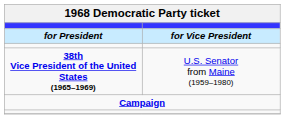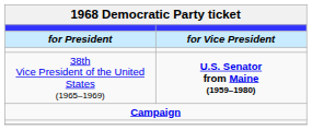 <table class="wikitable" style="font-size:90%; text-align:center;">
 <tr>
 <td style="background:#f1f1f1;" colspan="30"><big> <strong>1968 Democratic Party ticket</strong></big></td>
 </tr>
 <tr>
 <th style="width:3em; font-size:135%; background:#3333FF; width:200px;"><a href='#'></a></th>
 <th style="width:3em; font-size:135%; background:#3333FF; width:200px;"><a href='#'></a></th>
 </tr>
 <tr style="color:#000; font-size:100%; background:#c8ebff;">
 <td style="width:3em; width:200px;"><strong><em>for President</em></strong></td>
 <td style="width:3em; width:200px;"><strong><em>for Vice President</em></strong></td>
 </tr>
 <tr>
 <td></td>
 <td></td>
 </tr>
 <tr>
-<td><strong><a href='#'>38th</a><br><a href='#'>Vice President of the United States</a><br><small>(1965–1969)</small></strong></td>
-<td><a href='#'>U.S. Senator</a><br>from <a href='#'>Maine</a><br><small>(1959–1980)</small></td>
+<td><a href='#'>38th</a><br><a href='#'>Vice President of the United States</a><br><small>(1965–1969)</small></td>
+<td><strong><a href='#'>U.S. Senator</a><br>from <a href='#'>Maine</a><br><small>(1959–1980)</small></strong></td>
 </tr>
 <tr>
 <td colspan=2><a href='#'><strong>Campaign</strong></a></td>
 </tr>
 <tr>
 <td colspan=2></td>
 </tr>
 <tr>
 </tr>
 </table>
